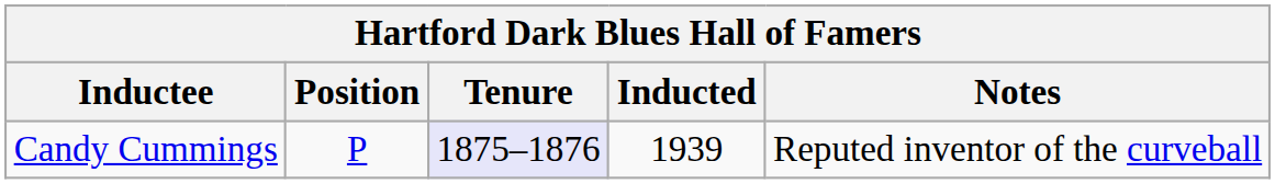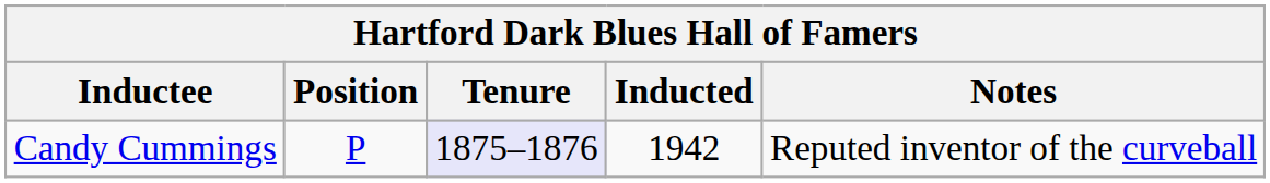 <table class="wikitable" style="text-align:center">
 <tr>
 <th colspan=5>Hartford Dark Blues Hall of Famers</th>
 </tr>
 <tr>
 <th>Inductee</th>
 <th>Position</th>
 <th>Tenure</th>
 <th>Inducted</th>
 <th>Notes</th>
 </tr>
 <tr>
 <td><a href='#'>Candy Cummings</a></td>
 <td><a href='#'>P</a></td>
 <td style="background: lavender;">1875–1876</td>
-<td>1939</td>
+<td>1942</td>
 <td>Reputed inventor of the <a href='#'>curveball</a></td>
 </tr>
 </table>
